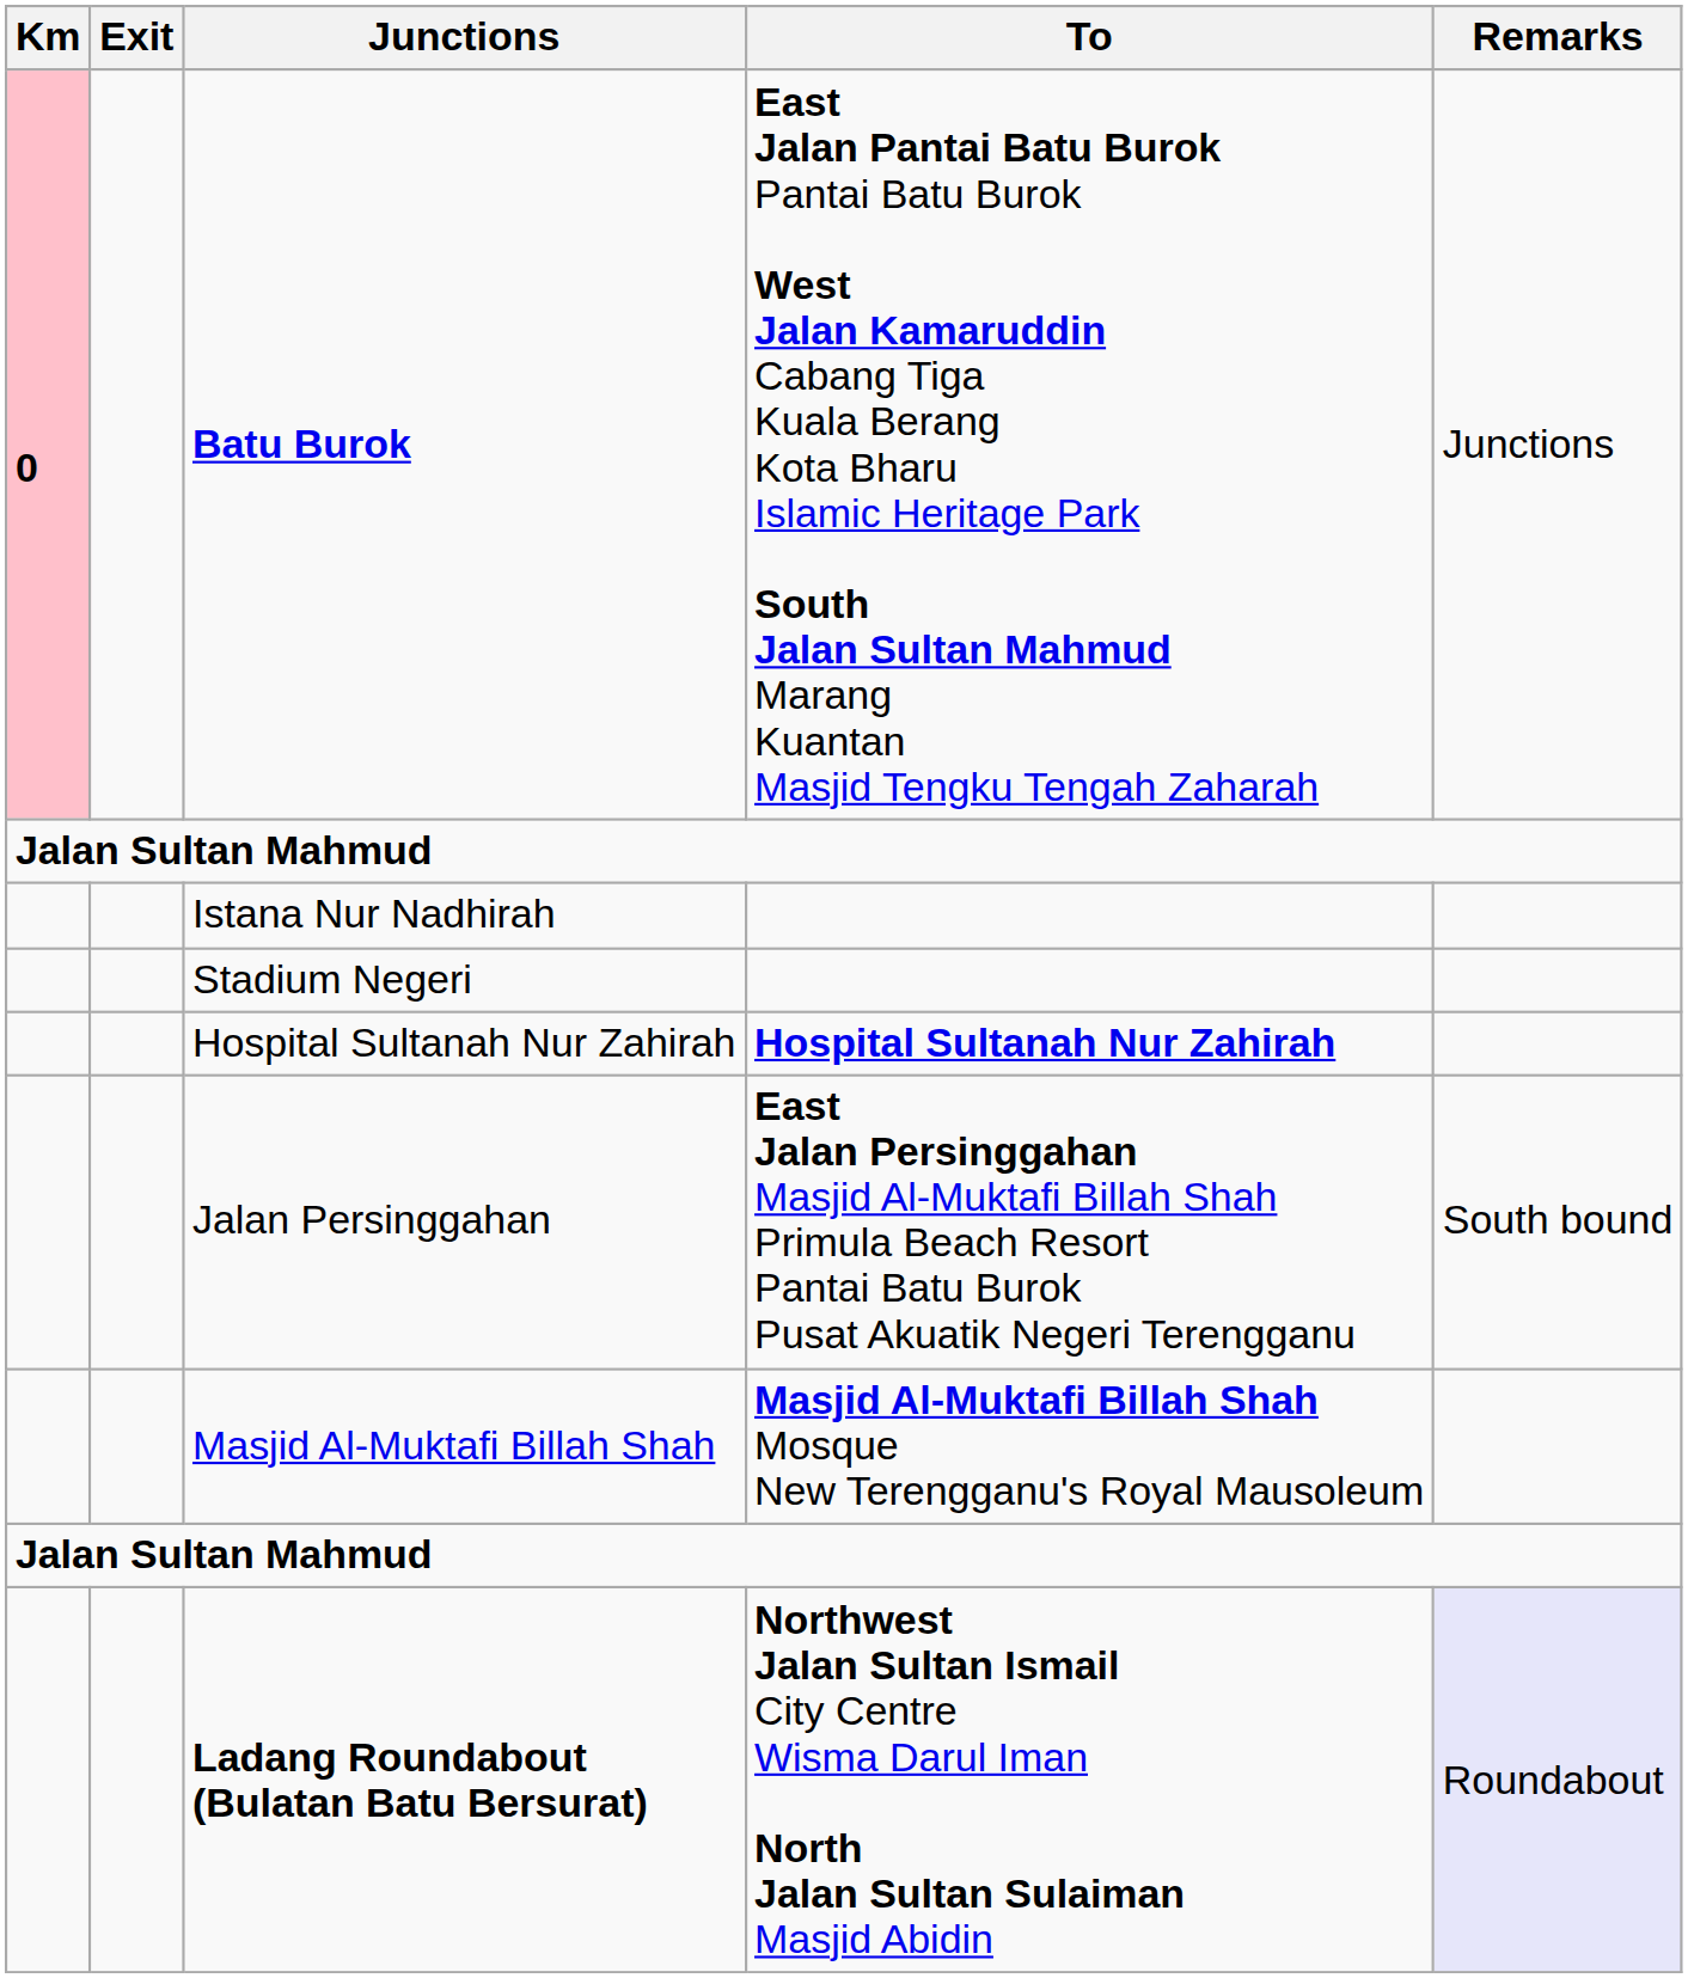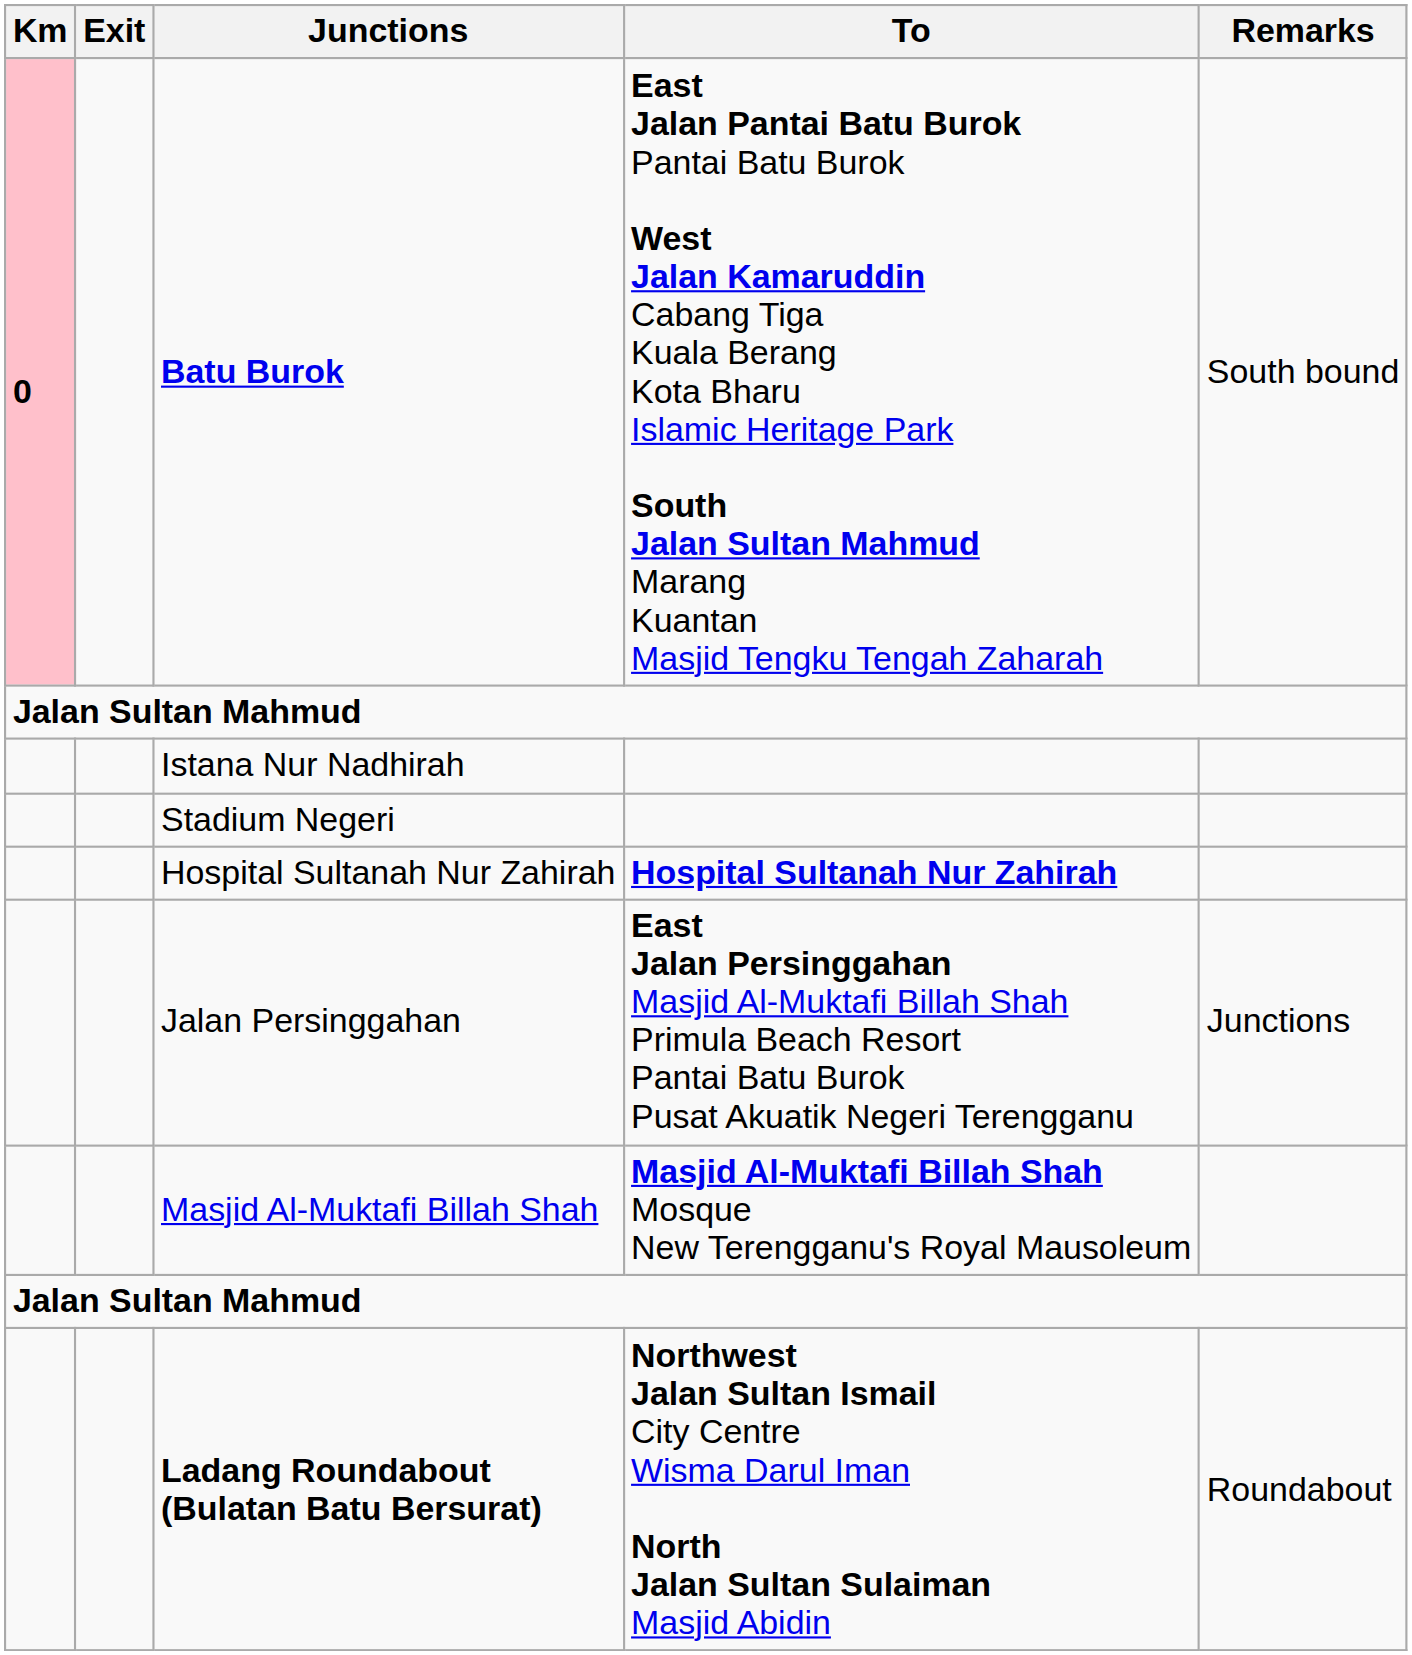 <table class="wikitable">
 <tr>
 <th>Km</th>
 <th>Exit</th>
 <th>Junctions</th>
 <th>To</th>
 <th>Remarks</th>
 </tr>
 <tr>
 <td style="background: pink;"><br><strong>0</strong></td>
 <td></td>
 <td><strong><a href='#'>Batu Burok</a></strong></td>
 <td><strong>East</strong><br><strong>Jalan Pantai Batu Burok</strong><br>Pantai Batu Burok<br><br><strong>West</strong><br>  <strong><a href='#'>Jalan Kamaruddin</a></strong><br>Cabang Tiga<br>Kuala Berang<br>Kota Bharu<br><a href='#'>Islamic Heritage Park</a><br><br><strong>South</strong><br>  <strong><a href='#'>Jalan Sultan Mahmud</a></strong><br>Marang<br>Kuantan<br><a href='#'>Masjid Tengku Tengah Zaharah</a></td>
-<td>Junctions</td>
+<td>South bound</td>
 </tr>
 <tr>
 <td style="width:600px" colspan="6" style="text-align:center; background:blue;"><strong><span> Jalan Sultan Mahmud</span></strong></td>
 </tr>
 <tr>
 <td></td>
 <td></td>
 <td>Istana Nur Nadhirah</td>
 <td></td>
 <td></td>
 </tr>
 <tr>
 <td></td>
 <td></td>
 <td>Stadium Negeri</td>
 <td></td>
 <td></td>
 </tr>
 <tr>
 <td></td>
 <td></td>
 <td>Hospital Sultanah Nur Zahirah </td>
 <td><strong><a href='#'>Hospital Sultanah Nur Zahirah</a></strong> <br></td>
 <td></td>
 </tr>
 <tr>
 <td></td>
 <td></td>
 <td>Jalan Persinggahan</td>
 <td><strong>East</strong><br><strong>Jalan Persinggahan</strong><br><a href='#'>Masjid Al-Muktafi Billah Shah</a> <br>Primula Beach Resort<br>Pantai Batu Burok<br>Pusat Akuatik Negeri Terengganu</td>
-<td>South bound</td>
+<td>Junctions</td>
 </tr>
 <tr>
 <td></td>
 <td></td>
 <td><a href='#'>Masjid Al-Muktafi Billah Shah</a> </td>
 <td><strong><a href='#'>Masjid Al-Muktafi Billah Shah</a></strong> <br>Mosque<br>New Terengganu's Royal Mausoleum</td>
 <td></td>
 </tr>
 <tr>
 <td style="width:600px" colspan="6" style="text-align:center; background:blue;"><strong><span> Jalan Sultan Mahmud</span></strong></td>
 </tr>
 <tr>
 <td></td>
 <td></td>
 <td><strong>Ladang Roundabout</strong><br><strong>(Bulatan Batu Bersurat)</strong></td>
 <td><strong>Northwest</strong><br><strong>Jalan Sultan Ismail</strong><br>City Centre<br><a href='#'>Wisma Darul Iman</a><br><br><strong>North</strong><br><strong>Jalan Sultan Sulaiman</strong><br><a href='#'>Masjid Abidin</a> </td>
-<td style="background: lavender;">Roundabout</td>
+<td>Roundabout</td>
 </tr>
 </table>
